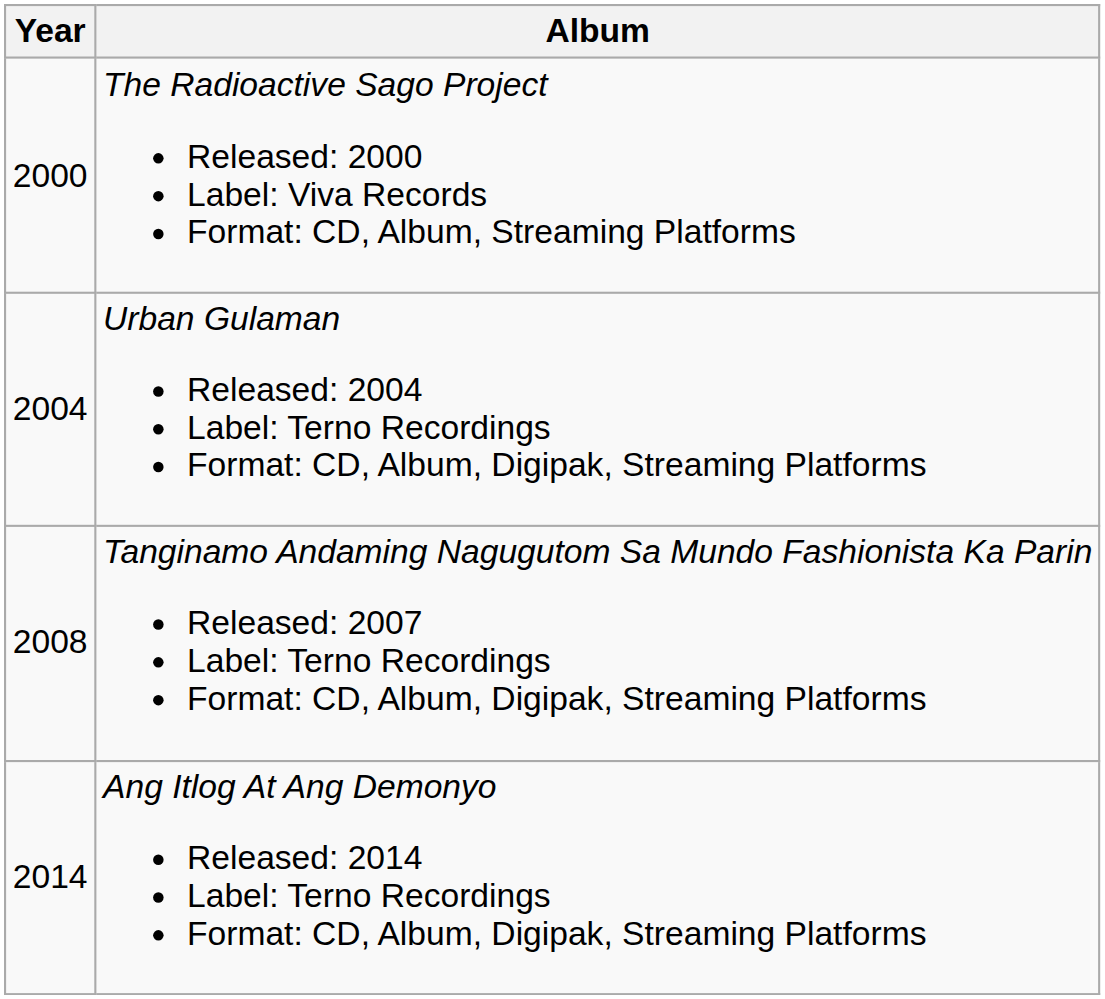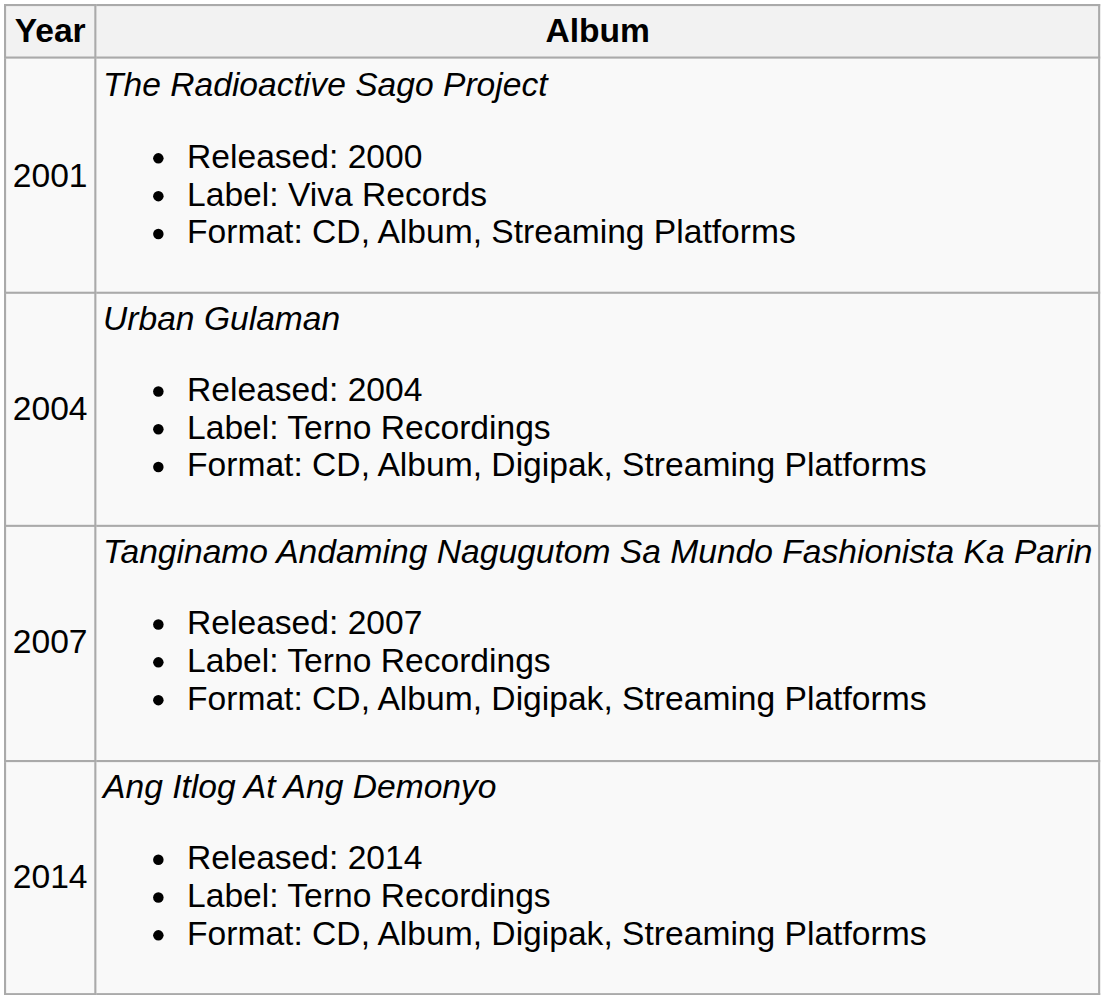 <table class="wikitable" style="text-align:center;">
 <tr>
 <th>Year</th>
 <th colspan="3">Album</th>
 </tr>
 <tr>
-<td>2000</td>
+<td>2001</td>
 <td colspan="3" align="left"><em>The Radioactive Sago Project</em><br><ul><li>Released: 2000</li><li>Label: Viva Records</li><li>Format: CD, Album, Streaming Platforms</li></ul></td>
 </tr>
 <tr>
 <td>2004</td>
 <td colspan="3" align="left"><em>Urban Gulaman</em><br><ul><li>Released: 2004</li><li>Label: Terno Recordings</li><li>Format: CD, Album, Digipak, Streaming Platforms</li></ul></td>
 </tr>
 <tr>
-<td>2008</td>
+<td>2007</td>
 <td colspan="3" align="left"><em>Tanginamo Andaming Nagugutom Sa Mundo Fashionista Ka Parin</em><br><ul><li>Released: 2007</li><li>Label: Terno Recordings</li><li>Format: CD, Album, Digipak, Streaming Platforms</li></ul></td>
 </tr>
 <tr>
 <td>2014</td>
 <td colspan="3" align="left"><em>Ang Itlog At Ang Demonyo</em><br><ul><li>Released: 2014</li><li>Label: Terno Recordings</li><li>Format: CD, Album, Digipak, Streaming Platforms</li></ul></td>
 </tr>
 </table>
